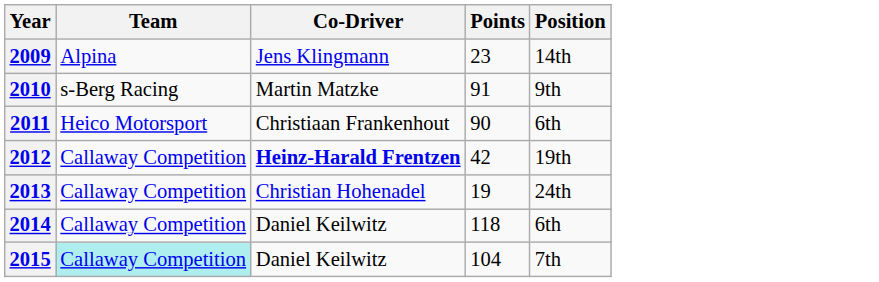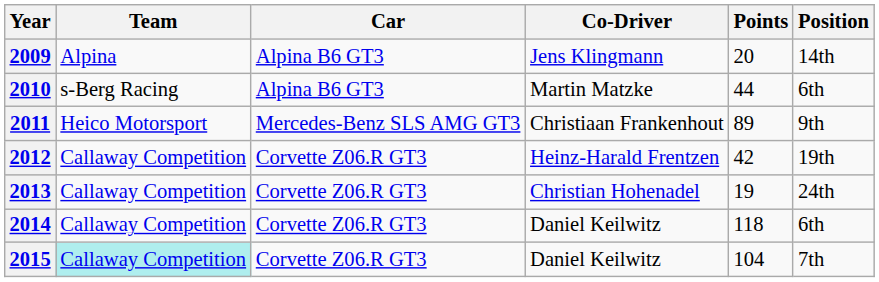 <table class="wikitable" style="font-size: 90%;">
 <tr>
 <th>Year</th>
 <th>Team</th>
+<th>Car</th>
 <th>Co-Driver</th>
 <th>Points</th>
 <th>Position</th>
 </tr>
 <tr>
 <th [2009 ADAC GT Masters Series season><a href='#'>2009</a></th>
 <td><a href='#'>Alpina</a></td>
+<td><a href='#'>Alpina B6 GT3</a></td>
 <td> <a href='#'>Jens Klingmann</a></td>
-<td>23</td>
+<td>20</td>
 <td>14th</td>
 </tr>
 <tr>
 <th [2010 ADAC GT Masters Series season><a href='#'>2010</a></th>
 <td>s-Berg Racing</td>
+<td><a href='#'>Alpina B6 GT3</a></td>
 <td> Martin Matzke</td>
-<td>91</td>
-<td>9th</td>
+<td>44</td>
+<td>6th</td>
 </tr>
 <tr>
 <th [2011 ADAC GT Masters Series season><a href='#'>2011</a></th>
 <td><a href='#'>Heico Motorsport</a></td>
+<td><a href='#'>Mercedes-Benz SLS AMG GT3</a></td>
 <td> Christiaan Frankenhout</td>
-<td>90</td>
-<td>6th</td>
+<td>89</td>
+<td>9th</td>
 </tr>
 <tr>
 <th [2012 ADAC GT Masters Series season><a href='#'>2012</a></th>
 <td><a href='#'>Callaway Competition</a></td>
-<td><strong> <a href='#'>Heinz-Harald Frentzen</a></strong></td>
+<td><a href='#'>Corvette Z06.R GT3</a></td>
+<td> <a href='#'>Heinz-Harald Frentzen</a></td>
 <td>42</td>
 <td>19th</td>
 </tr>
 <tr>
 <th [2013 ADAC GT Masters Series season><a href='#'>2013</a></th>
 <td><a href='#'>Callaway Competition</a></td>
+<td><a href='#'>Corvette Z06.R GT3</a></td>
 <td> <a href='#'>Christian Hohenadel</a></td>
 <td>19</td>
 <td>24th</td>
 </tr>
 <tr>
 <th [2014 ADAC GT Masters Series season><a href='#'>2014</a></th>
 <td><a href='#'>Callaway Competition</a></td>
+<td><a href='#'>Corvette Z06.R GT3</a></td>
 <td> Daniel Keilwitz</td>
 <td>118</td>
 <td>6th</td>
 </tr>
 <tr>
 <th [2015 ADAC GT Masters Series season><a href='#'>2015</a></th>
 <td style="background: paleturquoise;"><a href='#'>Callaway Competition</a></td>
+<td><a href='#'>Corvette Z06.R GT3</a></td>
 <td> Daniel Keilwitz</td>
 <td>104</td>
 <td>7th</td>
 </tr>
 </table>
